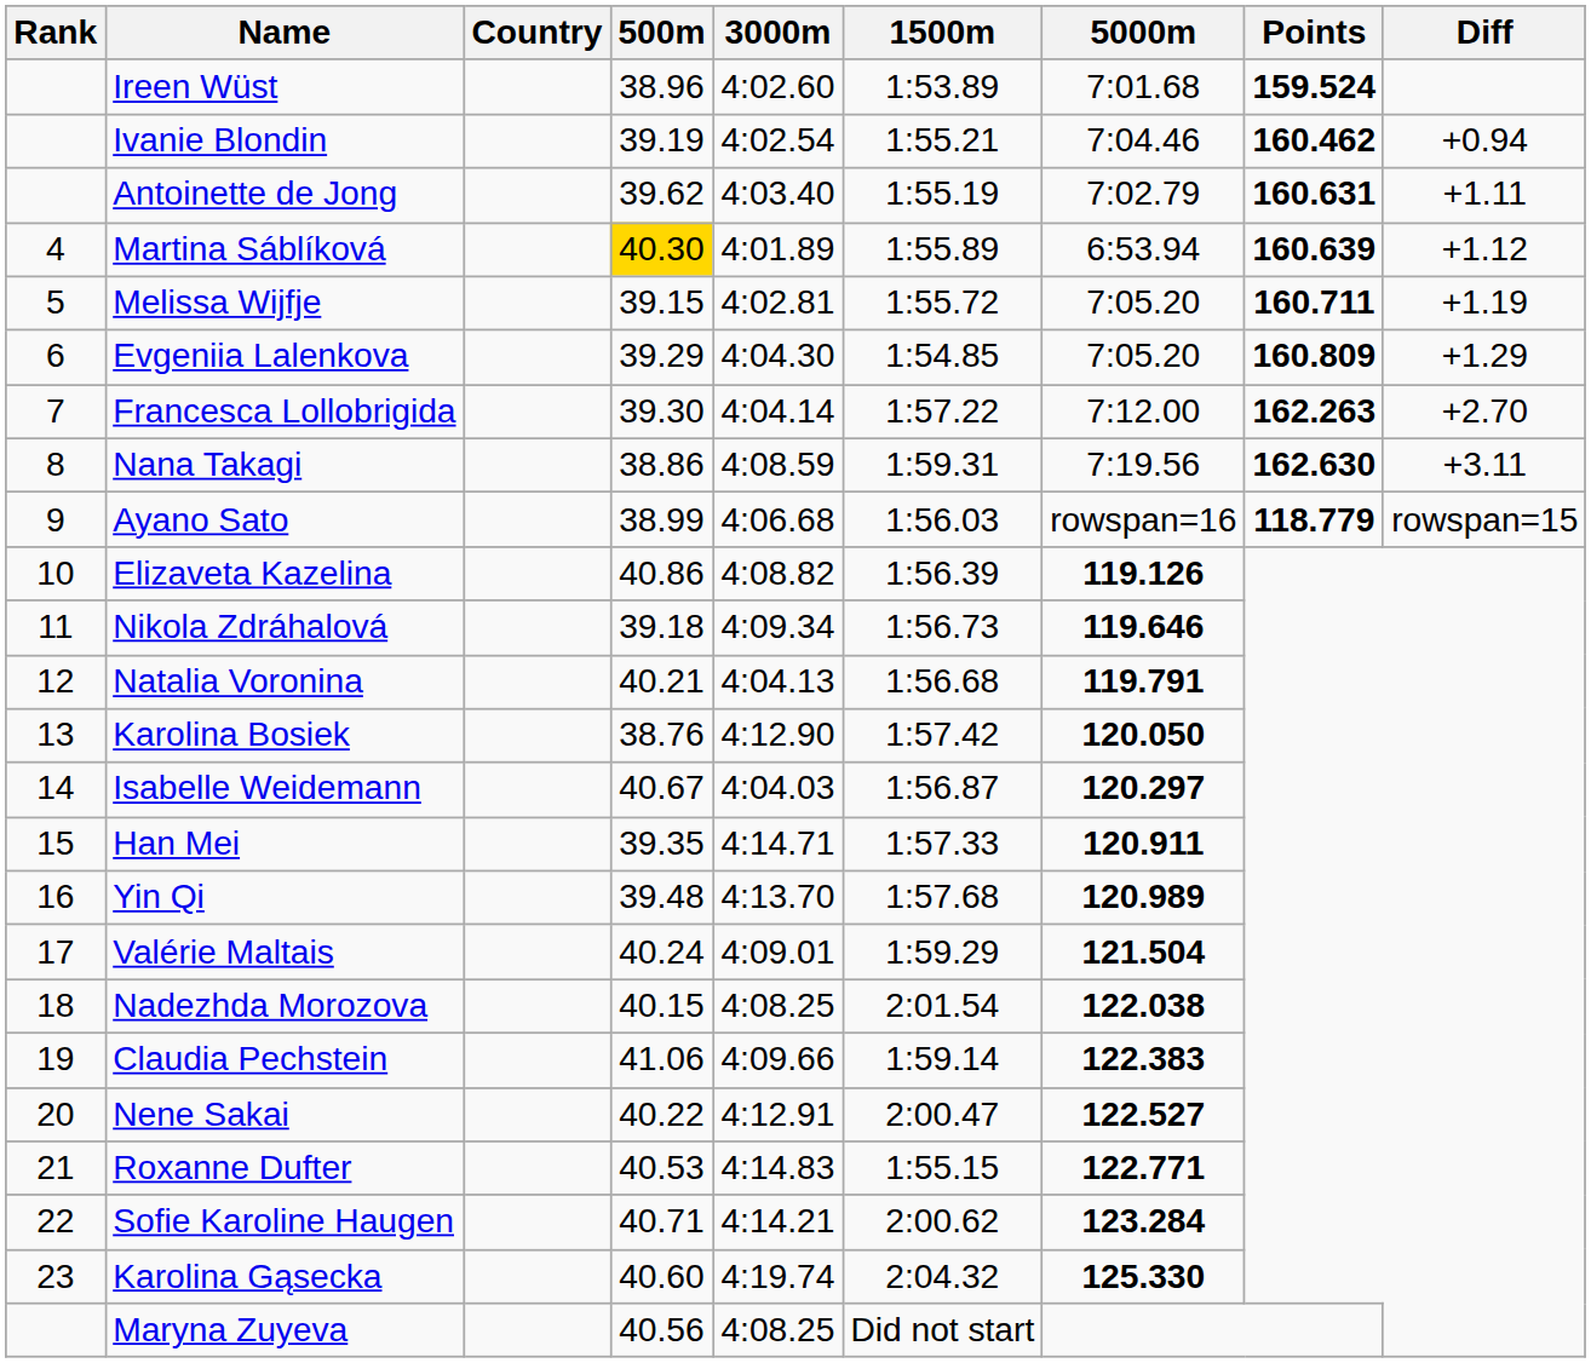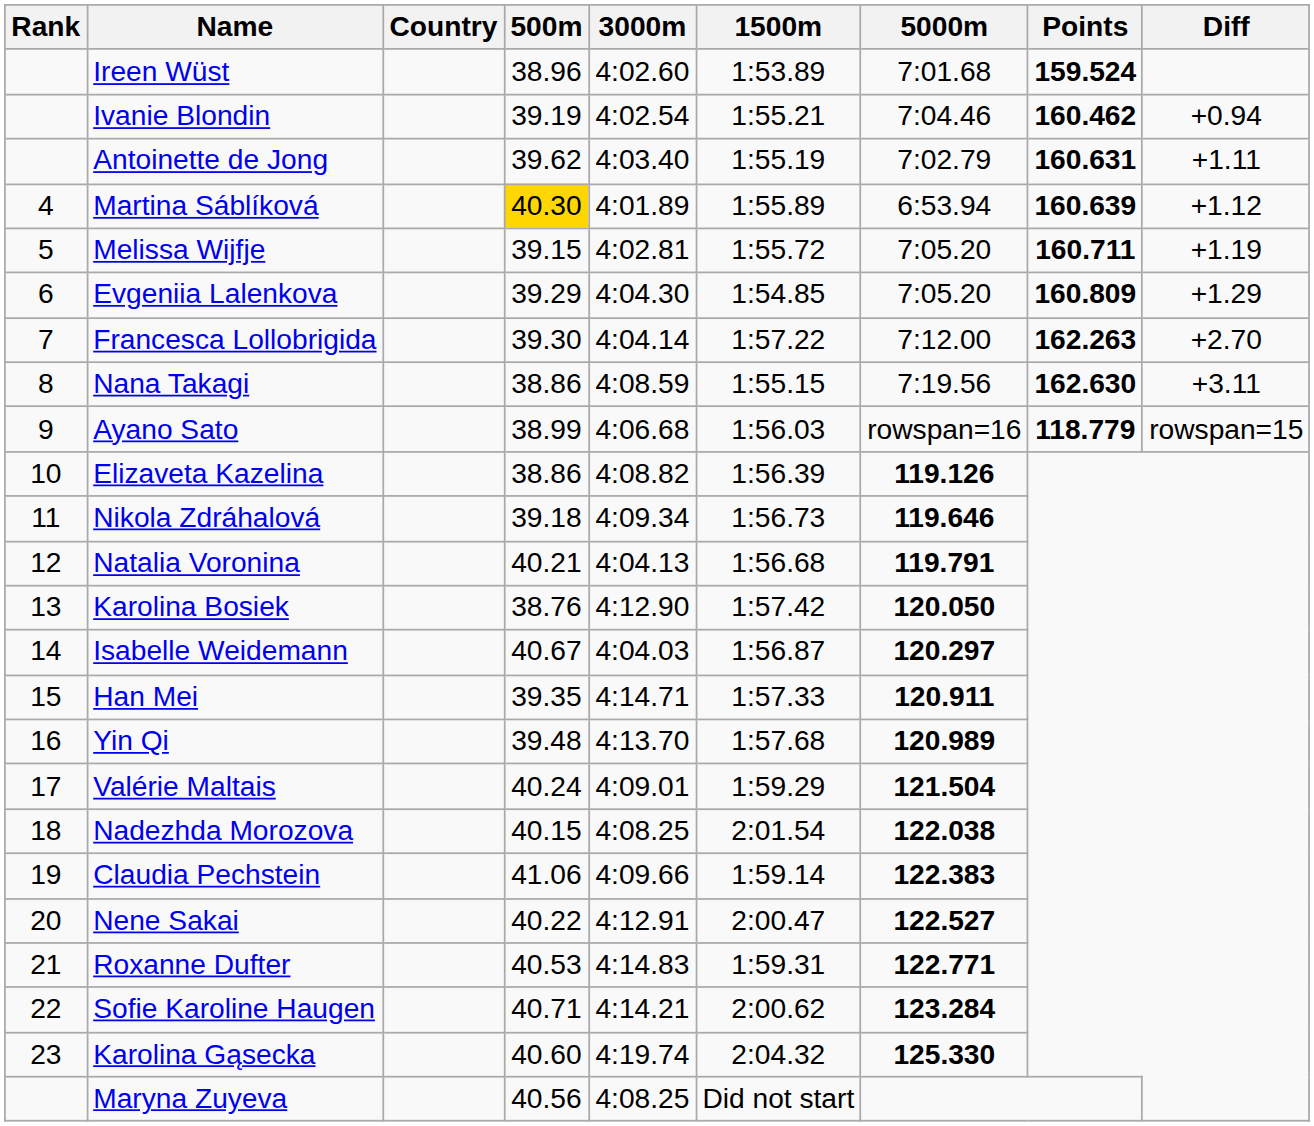 <table class="wikitable sortable" style="text-align:center">
 <tr>
 <th>Rank</th>
 <th>Name</th>
 <th>Country</th>
 <th>500m</th>
 <th>3000m</th>
 <th>1500m</th>
 <th>5000m</th>
 <th>Points</th>
 <th>Diff</th>
 </tr>
 <tr>
 <td></td>
 <td align=left><a href='#'>Ireen Wüst</a></td>
 <td align=left></td>
 <td>38.96</td>
 <td>4:02.60</td>
 <td>1:53.89</td>
 <td>7:01.68</td>
 <td><strong>159.524</strong></td>
 <td></td>
 </tr>
 <tr>
 <td></td>
 <td align=left><a href='#'>Ivanie Blondin</a></td>
 <td align=left></td>
 <td>39.19</td>
 <td>4:02.54</td>
 <td>1:55.21</td>
 <td>7:04.46</td>
 <td><strong>160.462</strong></td>
 <td>+0.94</td>
 </tr>
 <tr>
 <td></td>
 <td align=left><a href='#'>Antoinette de Jong</a></td>
 <td align=left></td>
 <td>39.62</td>
 <td>4:03.40</td>
 <td>1:55.19</td>
 <td>7:02.79</td>
 <td><strong>160.631</strong></td>
 <td>+1.11</td>
 </tr>
 <tr>
 <td>4</td>
 <td align=left><a href='#'>Martina Sáblíková</a></td>
 <td align=left></td>
 <td style="background: gold;">40.30</td>
 <td>4:01.89</td>
 <td>1:55.89</td>
 <td>6:53.94</td>
 <td><strong>160.639</strong></td>
 <td>+1.12</td>
 </tr>
 <tr>
 <td>5</td>
 <td align=left><a href='#'>Melissa Wijfje</a></td>
 <td align=left></td>
 <td>39.15</td>
 <td>4:02.81</td>
 <td>1:55.72</td>
 <td>7:05.20</td>
 <td><strong>160.711</strong></td>
 <td>+1.19</td>
 </tr>
 <tr>
 <td>6</td>
 <td align=left><a href='#'>Evgeniia Lalenkova</a></td>
 <td align=left></td>
 <td>39.29</td>
 <td>4:04.30</td>
 <td>1:54.85</td>
 <td>7:05.20</td>
 <td><strong>160.809</strong></td>
 <td>+1.29</td>
 </tr>
 <tr>
 <td>7</td>
 <td align=left><a href='#'>Francesca Lollobrigida</a></td>
 <td align=left></td>
 <td>39.30</td>
 <td>4:04.14</td>
 <td>1:57.22</td>
 <td>7:12.00</td>
 <td><strong>162.263</strong></td>
 <td>+2.70</td>
 </tr>
 <tr>
 <td>8</td>
 <td align=left><a href='#'>Nana Takagi</a></td>
 <td align=left></td>
 <td>38.86</td>
 <td>4:08.59</td>
-<td>1:59.31</td>
+<td>1:55.15</td>
 <td>7:19.56</td>
 <td><strong>162.630</strong></td>
 <td>+3.11</td>
 </tr>
 <tr>
 <td>9</td>
 <td align=left><a href='#'>Ayano Sato</a></td>
 <td align=left></td>
 <td>38.99</td>
 <td>4:06.68</td>
 <td>1:56.03</td>
 <td>rowspan=16 </td>
 <td><strong>118.779</strong></td>
 <td>rowspan=15 </td>
 </tr>
 <tr>
 <td>10</td>
 <td align=left><a href='#'>Elizaveta Kazelina</a></td>
 <td align=left></td>
-<td>40.86</td>
+<td>38.86</td>
 <td>4:08.82</td>
 <td>1:56.39</td>
 <td><strong>119.126</strong></td>
 </tr>
 <tr>
 <td>11</td>
 <td align=left><a href='#'>Nikola Zdráhalová</a></td>
 <td align=left></td>
 <td>39.18</td>
 <td>4:09.34</td>
 <td>1:56.73</td>
 <td><strong>119.646</strong></td>
 </tr>
 <tr>
 <td>12</td>
 <td align=left><a href='#'>Natalia Voronina</a></td>
 <td align=left></td>
 <td>40.21</td>
 <td>4:04.13</td>
 <td>1:56.68</td>
 <td><strong>119.791</strong></td>
 </tr>
 <tr>
 <td>13</td>
 <td align=left><a href='#'>Karolina Bosiek</a></td>
 <td align=left></td>
 <td>38.76</td>
 <td>4:12.90</td>
 <td>1:57.42</td>
 <td><strong>120.050</strong></td>
 </tr>
 <tr>
 <td>14</td>
 <td align=left><a href='#'>Isabelle Weidemann</a></td>
 <td align=left></td>
 <td>40.67</td>
 <td>4:04.03</td>
 <td>1:56.87</td>
 <td><strong>120.297</strong></td>
 </tr>
 <tr>
 <td>15</td>
 <td align=left><a href='#'>Han Mei</a></td>
 <td align=left></td>
 <td>39.35</td>
 <td>4:14.71</td>
 <td>1:57.33</td>
 <td><strong>120.911</strong></td>
 </tr>
 <tr>
 <td>16</td>
 <td align=left><a href='#'>Yin Qi</a></td>
 <td align=left></td>
 <td>39.48</td>
 <td>4:13.70</td>
 <td>1:57.68</td>
 <td><strong>120.989</strong></td>
 </tr>
 <tr>
 <td>17</td>
 <td align=left><a href='#'>Valérie Maltais</a></td>
 <td align=left></td>
 <td>40.24</td>
 <td>4:09.01</td>
 <td>1:59.29</td>
 <td><strong>121.504</strong></td>
 </tr>
 <tr>
 <td>18</td>
 <td align=left><a href='#'>Nadezhda Morozova</a></td>
 <td align=left></td>
 <td>40.15</td>
 <td>4:08.25</td>
 <td>2:01.54</td>
 <td><strong>122.038</strong></td>
 </tr>
 <tr>
 <td>19</td>
 <td align=left><a href='#'>Claudia Pechstein</a></td>
 <td align=left></td>
 <td>41.06</td>
 <td>4:09.66</td>
 <td>1:59.14</td>
 <td><strong>122.383</strong></td>
 </tr>
 <tr>
 <td>20</td>
 <td align=left><a href='#'>Nene Sakai</a></td>
 <td align=left></td>
 <td>40.22</td>
 <td>4:12.91</td>
 <td>2:00.47</td>
 <td><strong>122.527</strong></td>
 </tr>
 <tr>
 <td>21</td>
 <td align=left><a href='#'>Roxanne Dufter</a></td>
 <td align=left></td>
 <td>40.53</td>
 <td>4:14.83</td>
-<td>1:55.15</td>
+<td>1:59.31</td>
 <td><strong>122.771</strong></td>
 </tr>
 <tr>
 <td>22</td>
 <td align=left><a href='#'>Sofie Karoline Haugen</a></td>
 <td align=left></td>
 <td>40.71</td>
 <td>4:14.21</td>
 <td>2:00.62</td>
 <td><strong>123.284</strong></td>
 </tr>
 <tr>
 <td>23</td>
 <td align=left><a href='#'>Karolina Gąsecka</a></td>
 <td align=left></td>
 <td>40.60</td>
 <td>4:19.74</td>
 <td>2:04.32</td>
 <td><strong>125.330</strong></td>
 </tr>
 <tr>
 <td></td>
 <td align=left><a href='#'>Maryna Zuyeva</a></td>
 <td align=left></td>
 <td>40.56</td>
 <td>4:08.25</td>
 <td>Did not start</td>
 <td colspan=2></td>
 </tr>
 </table>
